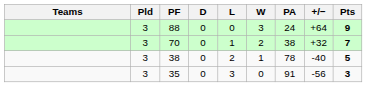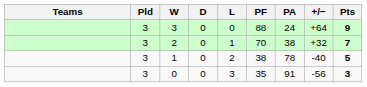 <table class="wikitable" style="text-align: center;">
 <tr>
 <th width="200">Teams</th>
 <th width="40">Pld</th>
-<th width="40">PF</th>
+<th width="40">W</th>
 <th width="40">D</th>
 <th width="40">L</th>
-<th width="40">W</th>
+<th width="40">PF</th>
 <th width="40">PA</th>
 <th width="40">+/−</th>
 <th width="40">Pts</th>
 </tr>
 <tr bgcolor=ccffcc>
 <td align=left></td>
 <td>3</td>
-<td>88</td>
+<td>3</td>
 <td>0</td>
 <td>0</td>
-<td>3</td>
+<td>88</td>
 <td>24</td>
 <td>+64</td>
 <td><strong>9</strong></td>
 </tr>
 <tr bgcolor=ccffcc>
 <td align=left></td>
 <td>3</td>
-<td>70</td>
+<td>2</td>
 <td>0</td>
 <td>1</td>
-<td>2</td>
+<td>70</td>
 <td>38</td>
 <td>+32</td>
 <td><strong>7</strong></td>
 </tr>
 <tr>
 <td align=left></td>
 <td>3</td>
-<td>38</td>
+<td>1</td>
 <td>0</td>
 <td>2</td>
-<td>1</td>
+<td>38</td>
 <td>78</td>
 <td>-40</td>
 <td><strong>5</strong></td>
 </tr>
 <tr>
 <td align=left></td>
 <td>3</td>
-<td>35</td>
+<td>0</td>
 <td>0</td>
 <td>3</td>
-<td>0</td>
+<td>35</td>
 <td>91</td>
 <td>-56</td>
 <td><strong>3</strong></td>
 </tr>
 </table>
